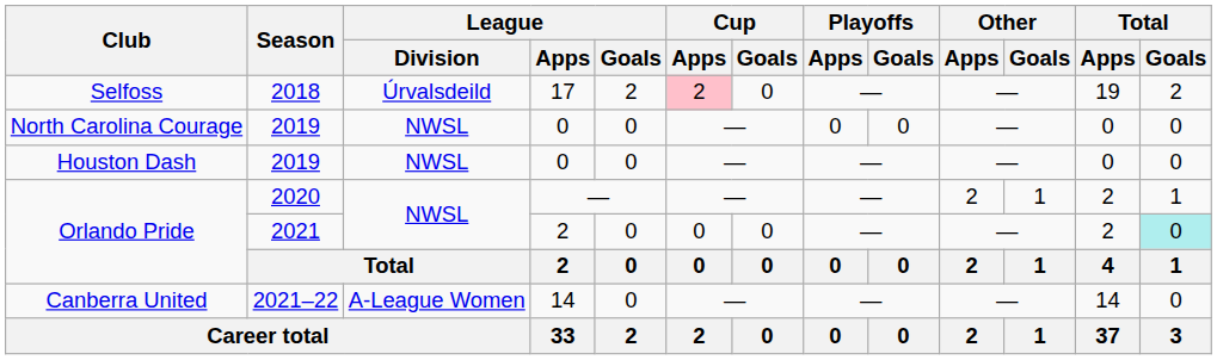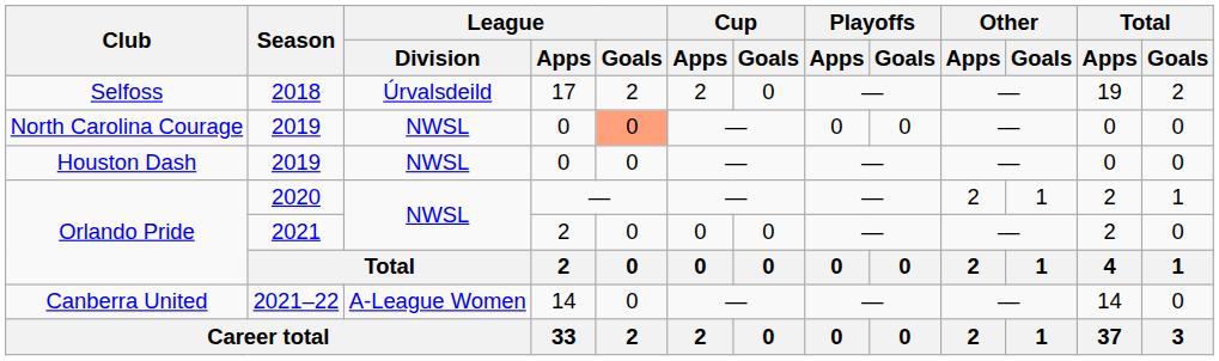 <table class="wikitable" style="text-align: center;">
 <tr>
 <th rowspan="2">Club</th>
 <th rowspan="2">Season</th>
 <th colspan="3">League</th>
 <th colspan="2">Cup</th>
 <th colspan="2">Playoffs</th>
 <th colspan="2">Other</th>
 <th colspan="2">Total</th>
 </tr>
 <tr>
 <th>Division</th>
 <th>Apps</th>
 <th>Goals</th>
 <th>Apps</th>
 <th>Goals</th>
 <th>Apps</th>
 <th>Goals</th>
 <th>Apps</th>
 <th>Goals</th>
 <th>Apps</th>
 <th>Goals</th>
 </tr>
 <tr>
 <td><a href='#'>Selfoss</a></td>
 <td><a href='#'>2018</a></td>
 <td><a href='#'>Úrvalsdeild</a></td>
 <td>17</td>
 <td>2</td>
-<td style="background: pink;">2</td>
+<td>2</td>
 <td>0</td>
 <td colspan="2">—</td>
 <td colspan="2">—</td>
 <td>19</td>
 <td>2</td>
 </tr>
 <tr>
 <td><a href='#'>North Carolina Courage</a></td>
 <td><a href='#'>2019</a></td>
 <td><a href='#'>NWSL</a></td>
 <td>0</td>
-<td>0</td>
+<td style="background: lightsalmon;">0</td>
 <td colspan="2">—</td>
 <td>0</td>
 <td>0</td>
 <td colspan="2">—</td>
 <td>0</td>
 <td>0</td>
 </tr>
 <tr>
 <td><a href='#'>Houston Dash</a></td>
 <td><a href='#'>2019</a></td>
 <td><a href='#'>NWSL</a></td>
 <td>0</td>
 <td>0</td>
 <td colspan="2">—</td>
 <td colspan="2">—</td>
 <td colspan="2">—</td>
 <td>0</td>
 <td>0</td>
 </tr>
 <tr>
 <td rowspan=3><a href='#'>Orlando Pride</a></td>
 <td><a href='#'>2020</a></td>
 <td rowspan=2><a href='#'>NWSL</a></td>
 <td colspan="2">—</td>
 <td colspan="2">—</td>
 <td colspan="2">—</td>
 <td>2</td>
 <td>1</td>
 <td>2</td>
 <td>1</td>
 </tr>
 <tr>
 <td><a href='#'>2021</a></td>
 <td>2</td>
 <td>0</td>
 <td>0</td>
 <td>0</td>
 <td colspan="2">—</td>
 <td colspan="2">—</td>
 <td>2</td>
-<td style="background: paleturquoise;">0</td>
+<td>0</td>
 </tr>
 <tr>
 <th colspan="2">Total</th>
 <th>2</th>
 <th>0</th>
 <th>0</th>
 <th>0</th>
 <th>0</th>
 <th>0</th>
 <th>2</th>
 <th>1</th>
 <th>4</th>
 <th>1</th>
 </tr>
 <tr>
 <td><a href='#'>Canberra United</a></td>
 <td><a href='#'>2021–22</a></td>
 <td><a href='#'>A-League Women</a></td>
 <td>14</td>
 <td>0</td>
 <td colspan="2">—</td>
 <td colspan="2">—</td>
 <td colspan="2">—</td>
 <td>14</td>
 <td>0</td>
 </tr>
 <tr>
 <th colspan="3">Career total</th>
 <th>33</th>
 <th>2</th>
 <th>2</th>
 <th>0</th>
 <th>0</th>
 <th>0</th>
 <th>2</th>
 <th>1</th>
 <th>37</th>
 <th>3</th>
 </tr>
 </table>
